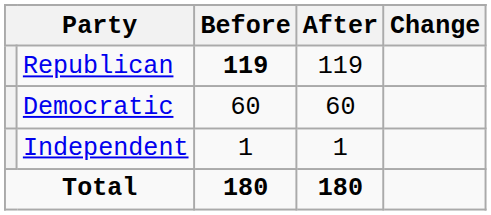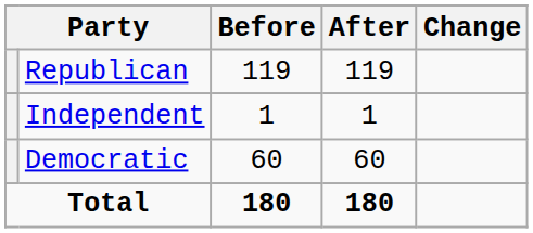 <table class="wikitable" style="text-align:center;">
 <tr>
 </tr>
 <tr>
 <th colspan=2>Party</th>
 <th>Before</th>
 <th>After</th>
 <th>Change</th>
 </tr>
 <tr>
 <th style="background-color:"></th>
 <td style="text-align:left;"><a href='#'>Republican</a></td>
-<td><strong>119</strong></td>
 <td>119</td>
+<td>119</td>
+<td></td>
+</tr>
+<tr>
+<th style="background-color:"></th>
+<td style="text-align:left;"><a href='#'>Independent</a></td>
+<td>1</td>
+<td>1</td>
 <td></td>
 </tr>
 <tr>
 <th style="background-color:"></th>
 <td style="text-align:left;"><a href='#'>Democratic</a></td>
 <td>60</td>
 <td>60</td>
 <td></td>
 </tr>
 <tr>
-<th style="background-color:"></th>
-<td style="text-align:left;"><a href='#'>Independent</a></td>
-<td>1</td>
-<td>1</td>
-<td></td>
-</tr>
-<tr>
 <td colspan=2><strong>Total</strong></td>
 <td><strong>180</strong></td>
 <td><strong>180</strong></td>
 <td></td>
 </tr>
 </table>
